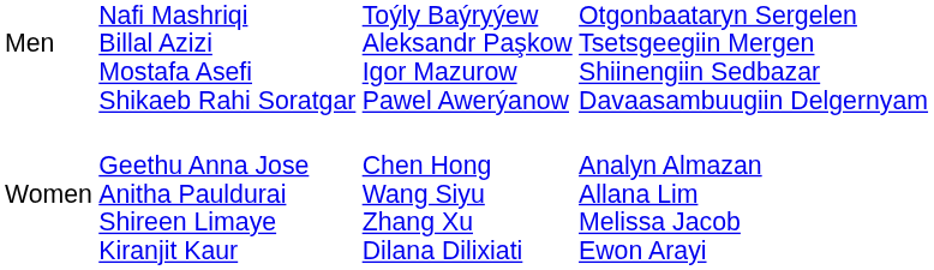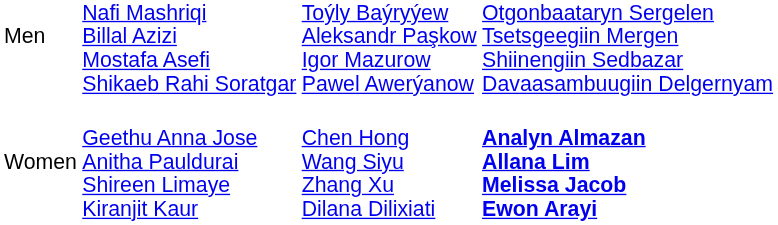 <table>
 <tr>
 <td>Men</td>
 <td><br><a href='#'>Nafi Mashriqi</a><br><a href='#'>Billal Azizi</a><br><a href='#'>Mostafa Asefi</a><br><a href='#'>Shikaeb Rahi Soratgar</a></td>
 <td><br><a href='#'>Toýly Baýryýew</a><br><a href='#'>Aleksandr Paşkow</a><br><a href='#'>Igor Mazurow</a><br><a href='#'>Pawel Awerýanow</a></td>
 <td><br><a href='#'>Otgonbaataryn Sergelen</a><br><a href='#'>Tsetsgeegiin Mergen</a><br><a href='#'>Shiinengiin Sedbazar</a><br><a href='#'>Davaasambuugiin Delgernyam</a></td>
 </tr>
 <tr>
 <td>Women</td>
 <td><br><a href='#'>Geethu Anna Jose</a><br><a href='#'>Anitha Pauldurai</a><br><a href='#'>Shireen Limaye</a><br><a href='#'>Kiranjit Kaur</a></td>
 <td><br><a href='#'>Chen Hong</a><br><a href='#'>Wang Siyu</a><br><a href='#'>Zhang Xu</a><br><a href='#'>Dilana Dilixiati</a></td>
-<td><br><a href='#'>Analyn Almazan</a><br><a href='#'>Allana Lim</a><br><a href='#'>Melissa Jacob</a><br><a href='#'>Ewon Arayi</a></td>
+<td><strong><br><a href='#'>Analyn Almazan</a><br><a href='#'>Allana Lim</a><br><a href='#'>Melissa Jacob</a><br><a href='#'>Ewon Arayi</a></strong></td>
 </tr>
 </table>
